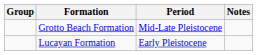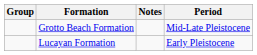 <table class="wikitable sortable">
 <tr>
 <th>Group</th>
 <th>Formation</th>
+<th class="unsortable">Notes</th>
 <th>Period</th>
-<th class="unsortable">Notes</th>
 </tr>
 <tr>
 <td></td>
 <td><a href='#'>Grotto Beach Formation</a></td>
+<td align=center></td>
 <td style="background-color: "><a href='#'>Mid-Late Pleistocene</a></td>
-<td align=center></td>
 </tr>
 <tr>
 <td></td>
 <td><a href='#'>Lucayan Formation</a></td>
+<td align=center></td>
 <td style="background-color: "><a href='#'>Early Pleistocene</a></td>
-<td align=center></td>
 </tr>
 </table>
